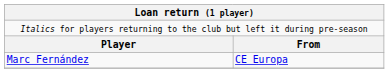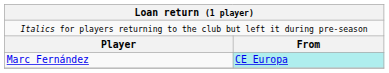 <table class="wikitable collapsible collapsed">
 <tr>
 <th colspan="2" width="500"> <strong>Loan return</strong> <small>(1 player)</small></th>
 </tr>
 <tr>
 <td colspan="2" align="center"><small><em>Italics</em> for players returning to the club but left it during pre-season</small></td>
 </tr>
 <tr>
 <th>Player</th>
 <th>From</th>
 </tr>
 <tr>
 <td> <a href='#'>Marc Fernández</a></td>
-<td> <a href='#'>CE Europa</a></td>
+<td style="background: paleturquoise;"> <a href='#'>CE Europa</a></td>
 </tr>
 <tr>
 </tr>
 </table>
